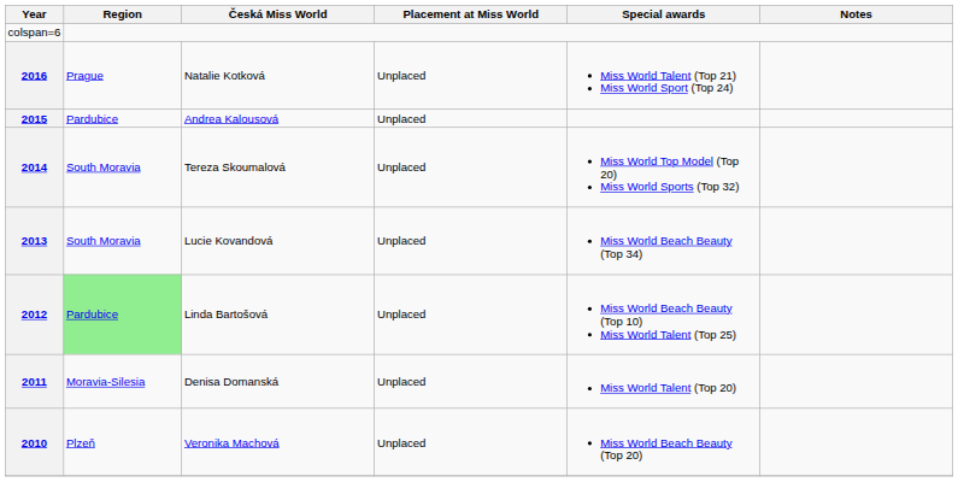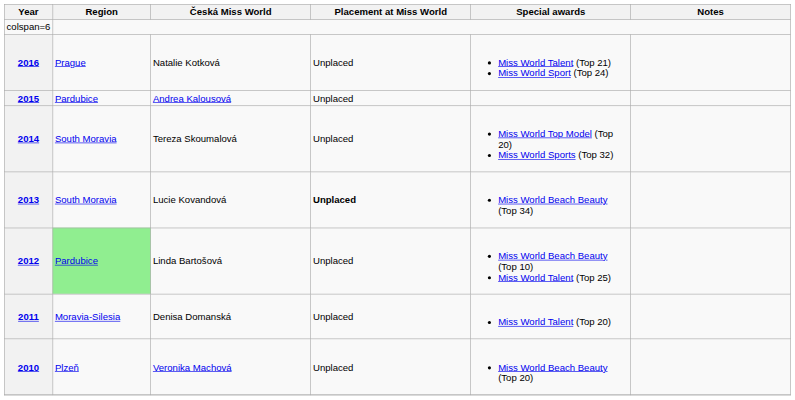 <table class="wikitable " style="font-size: 95%;">
 <tr>
 <th width="60">Year</th>
 <th width="150">Region</th>
 <th width="250">Česká Miss World</th>
 <th width="250">Placement at Miss World</th>
 <th width="250">Special awards</th>
 <th width="250">Notes</th>
 </tr>
 <tr>
 <td>colspan=6 </td>
 </tr>
 <tr>
 <th><a href='#'>2016</a></th>
 <td><a href='#'>Prague</a></td>
 <td>Natalie Kotková</td>
 <td>Unplaced</td>
 <td align="left"><br><ul><li><a href='#'>Miss World Talent</a> (Top 21)</li><li><a href='#'>Miss World Sport</a> (Top 24)</li></ul></td>
 <td></td>
 </tr>
 <tr>
 <th><a href='#'>2015</a></th>
 <td><a href='#'>Pardubice</a></td>
 <td><a href='#'>Andrea Kalousová</a></td>
 <td>Unplaced</td>
 <td></td>
 <td></td>
 </tr>
 <tr>
 <th><a href='#'>2014</a></th>
 <td><a href='#'>South Moravia</a></td>
 <td>Tereza Skoumalová</td>
 <td>Unplaced</td>
 <td align="left"><br><ul><li><a href='#'>Miss World Top Model</a> (Top 20)</li><li><a href='#'>Miss World Sports</a> (Top 32)</li></ul></td>
 <td></td>
 </tr>
 <tr>
 <th><a href='#'>2013</a></th>
 <td><a href='#'>South Moravia</a></td>
 <td>Lucie Kovandová</td>
-<td>Unplaced</td>
+<td><strong>Unplaced</strong></td>
 <td align="left"><br><ul><li><a href='#'>Miss World Beach Beauty</a> (Top 34)</li></ul></td>
 <td></td>
 </tr>
 <tr>
 <th><a href='#'>2012</a></th>
 <td style="background: lightgreen;"><a href='#'>Pardubice</a></td>
 <td>Linda Bartošová</td>
 <td>Unplaced</td>
 <td align="left"><br><ul><li><a href='#'>Miss World Beach Beauty</a> (Top 10)</li><li><a href='#'>Miss World Talent</a> (Top 25)</li></ul></td>
 <td></td>
 </tr>
 <tr>
 <th><a href='#'>2011</a></th>
 <td><a href='#'>Moravia-Silesia</a></td>
 <td>Denisa Domanská</td>
 <td>Unplaced</td>
 <td align="left"><br><ul><li><a href='#'>Miss World Talent</a> (Top 20)</li></ul></td>
 <td></td>
 </tr>
 <tr>
 <th><a href='#'>2010</a></th>
 <td><a href='#'>Plzeň</a></td>
 <td><a href='#'>Veronika Machová</a></td>
 <td>Unplaced</td>
 <td align="left"><br><ul><li><a href='#'>Miss World Beach Beauty</a> (Top 20)</li></ul></td>
 <td></td>
 </tr>
 <tr>
 </tr>
 </table>
